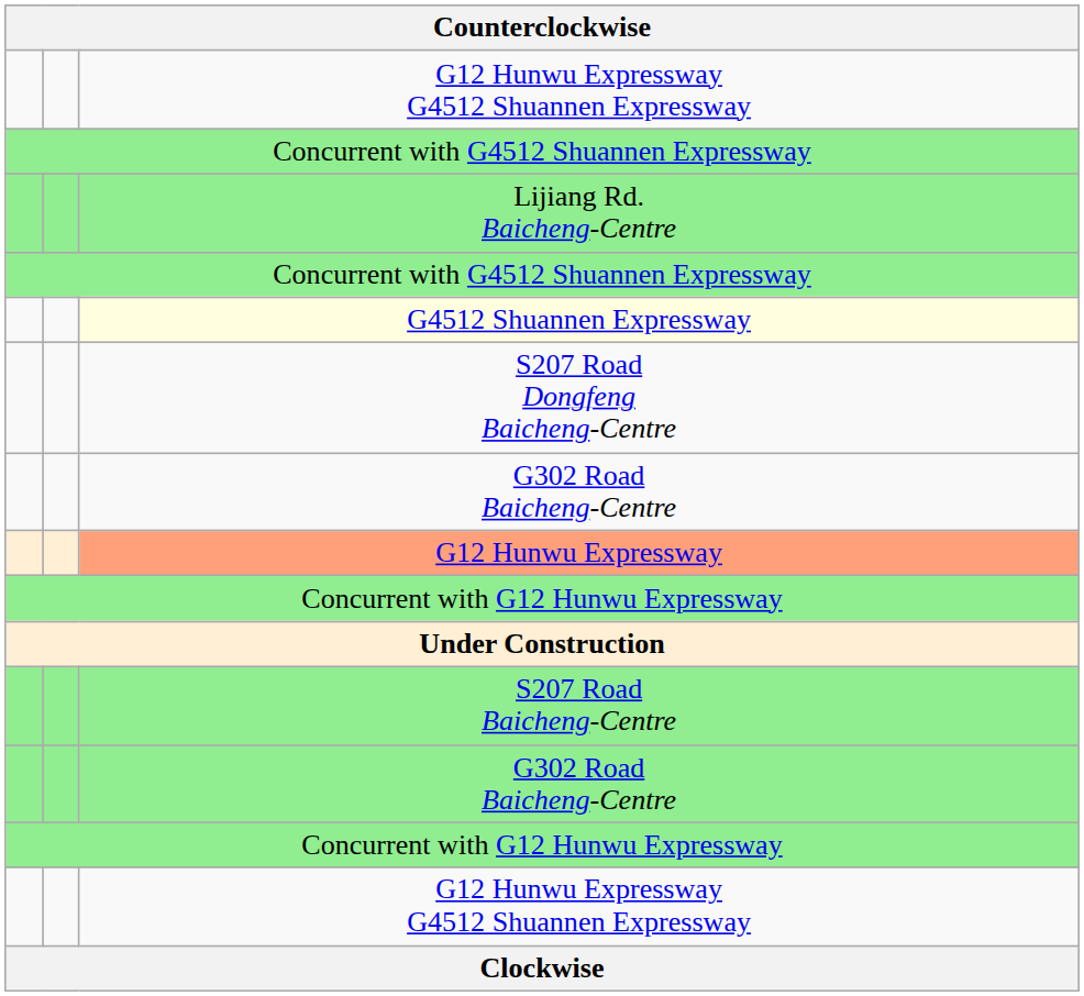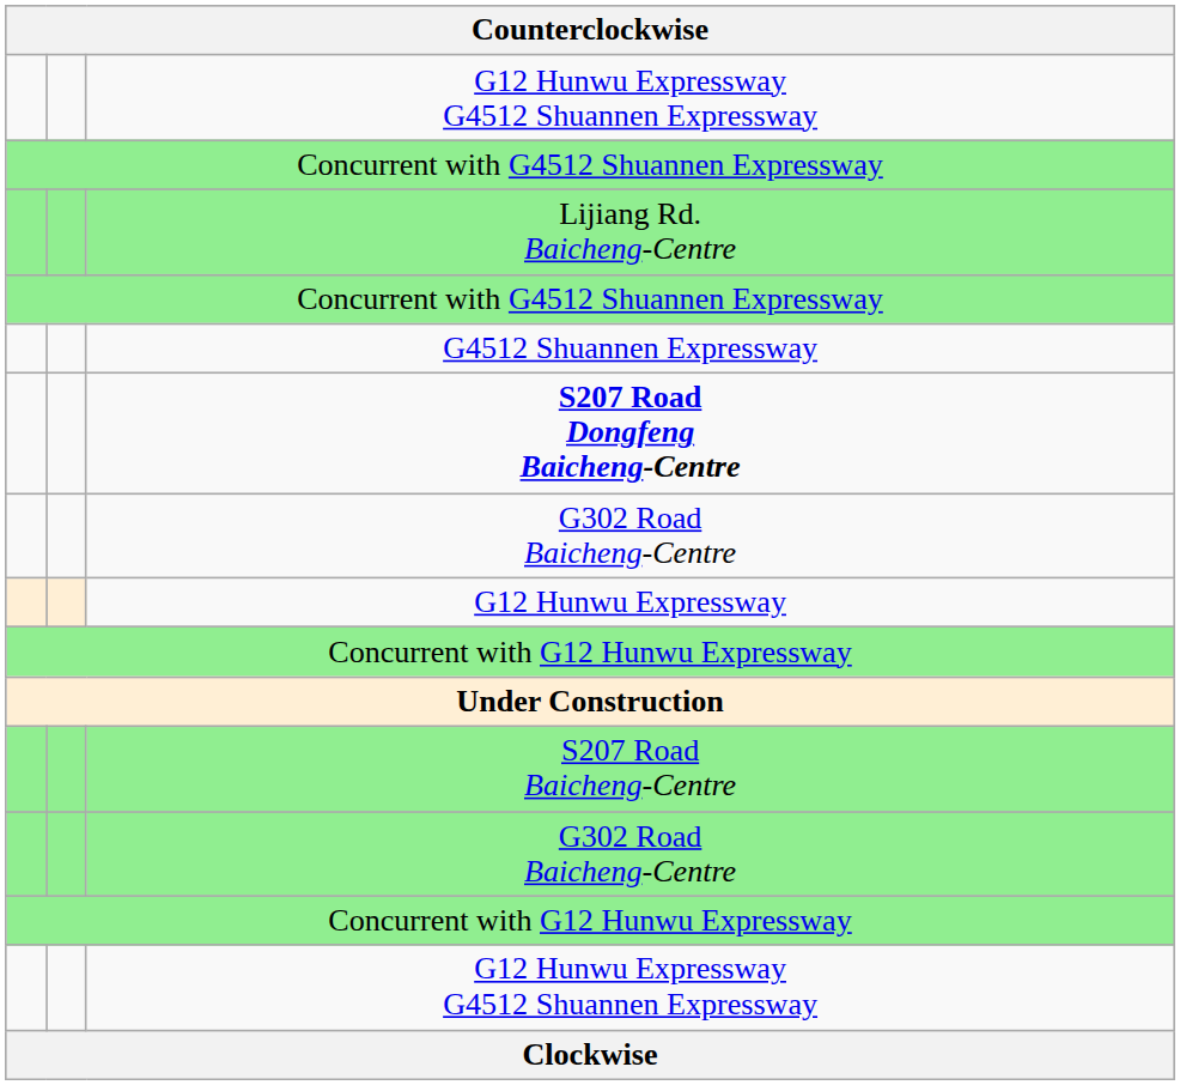 <table class="wikitable" style="text-align:center" width="600px">
 <tr>
 <th text-align="center" colspan="3"> Counterclockwise </th>
 </tr>
 <tr>
 <td></td>
 <td><br></td>
 <td> <a href='#'>G12 Hunwu Expressway</a><br> <a href='#'>G4512 Shuannen Expressway</a></td>
 </tr>
 <tr style="background:#90ee90;">
 <td colspan="7"> Concurrent with  <a href='#'>G4512 Shuannen Expressway</a> </td>
 </tr>
 <tr style="background:#90ee90;">
 <td></td>
 <td></td>
 <td>Lijiang Rd.<br><em><a href='#'>Baicheng</a>-Centre</em></td>
 </tr>
 <tr style="background:#90ee90;">
 <td colspan="7"> Concurrent with  <a href='#'>G4512 Shuannen Expressway</a> </td>
 </tr>
 <tr>
 <td></td>
 <td></td>
-<td style="background: lightyellow;"> <a href='#'>G4512 Shuannen Expressway</a></td>
+<td> <a href='#'>G4512 Shuannen Expressway</a></td>
 </tr>
 <tr>
 <td></td>
 <td></td>
-<td> <a href='#'>S207 Road</a><br><em><a href='#'>Dongfeng</a></em><br><em><a href='#'>Baicheng</a>-Centre</em></td>
+<td><strong> <a href='#'>S207 Road</a><br><em><a href='#'>Dongfeng</a></em><br><em><a href='#'>Baicheng</a>-Centre</em></strong></td>
 </tr>
 <tr>
 <td></td>
 <td></td>
 <td> <a href='#'>G302 Road</a><br><em><a href='#'>Baicheng</a>-Centre</em></td>
 </tr>
 <tr>
 <td style="background:#ffefd5;"></td>
 <td style="background:#ffefd5;"><br></td>
-<td style="background: lightsalmon;"> <a href='#'>G12 Hunwu Expressway</a></td>
+<td> <a href='#'>G12 Hunwu Expressway</a></td>
 </tr>
 <tr style="background:#90ee90;">
 <td colspan="7"> Concurrent with  <a href='#'>G12 Hunwu Expressway</a></td>
 </tr>
 <tr style="background:#ffefd5;">
 <td colspan="3"> <strong>Under Construction</strong> </td>
 </tr>
 <tr style="background:#90ee90;">
 <td></td>
 <td></td>
 <td> <a href='#'>S207 Road</a><br><em><a href='#'>Baicheng</a>-Centre</em></td>
 </tr>
 <tr style="background:#90ee90;">
 <td></td>
 <td></td>
 <td> <a href='#'>G302 Road</a><br><em><a href='#'>Baicheng</a>-Centre</em></td>
 </tr>
 <tr style="background:#90ee90;">
 <td colspan="7"> Concurrent with  <a href='#'>G12 Hunwu Expressway</a></td>
 </tr>
 <tr>
 <td></td>
 <td><br></td>
 <td> <a href='#'>G12 Hunwu Expressway</a><br> <a href='#'>G4512 Shuannen Expressway</a></td>
 </tr>
 <tr>
 <th text-align="center" colspan="3"> Clockwise </th>
 </tr>
 </table>
